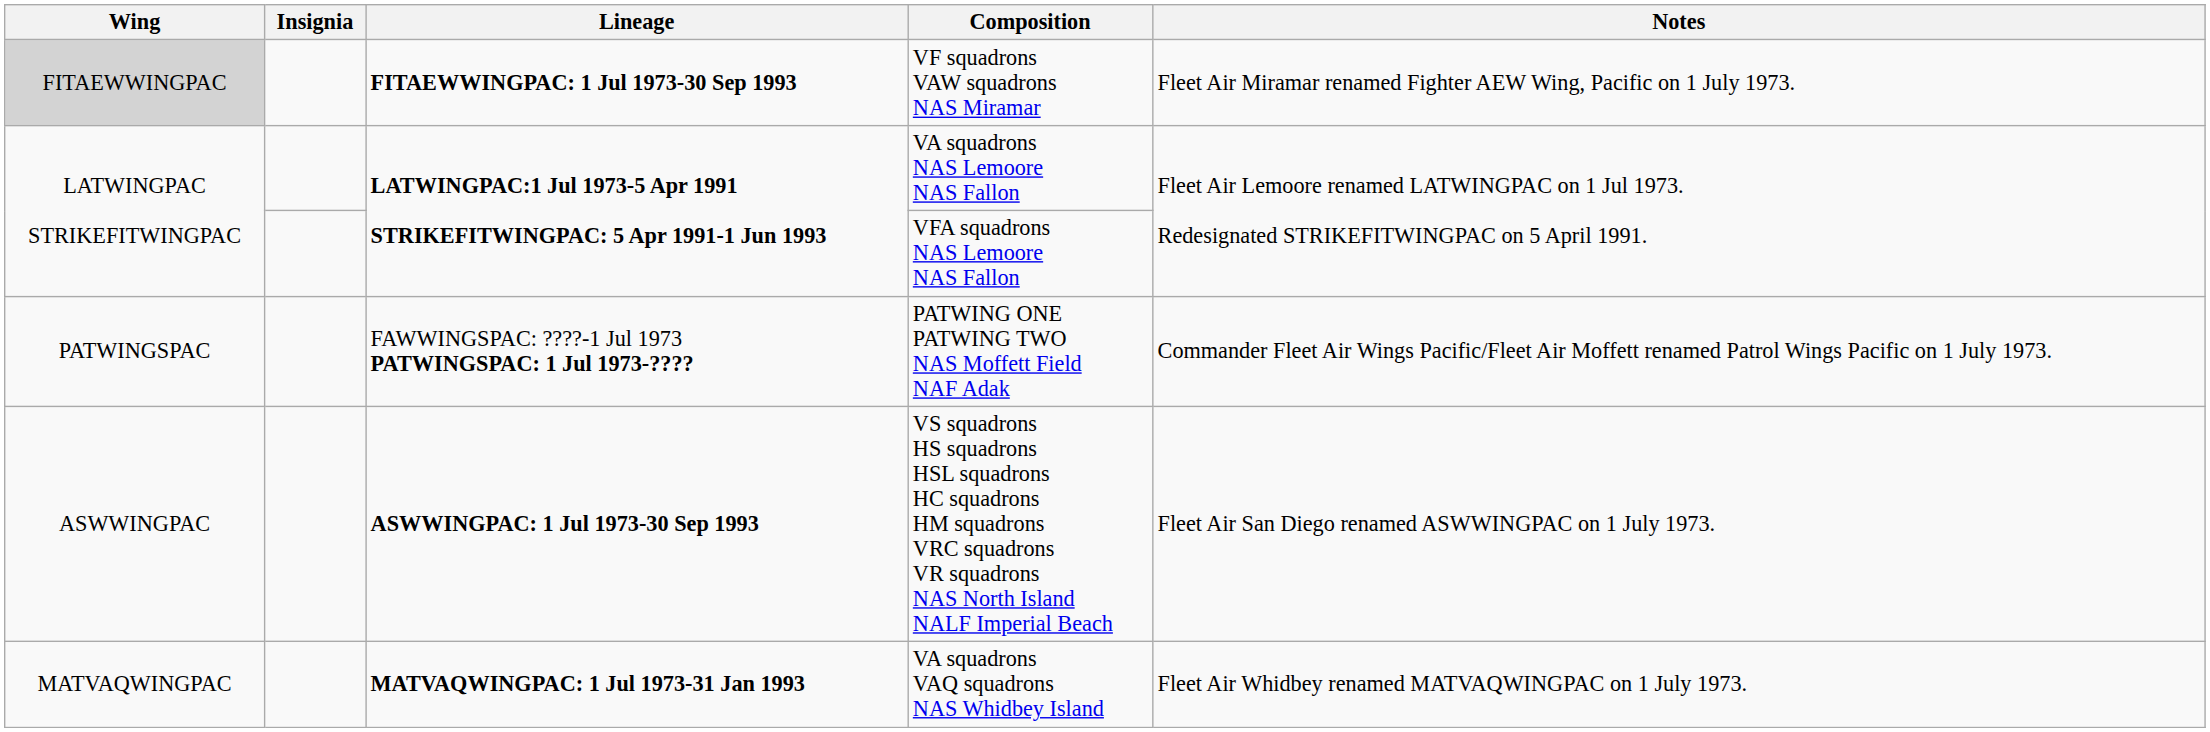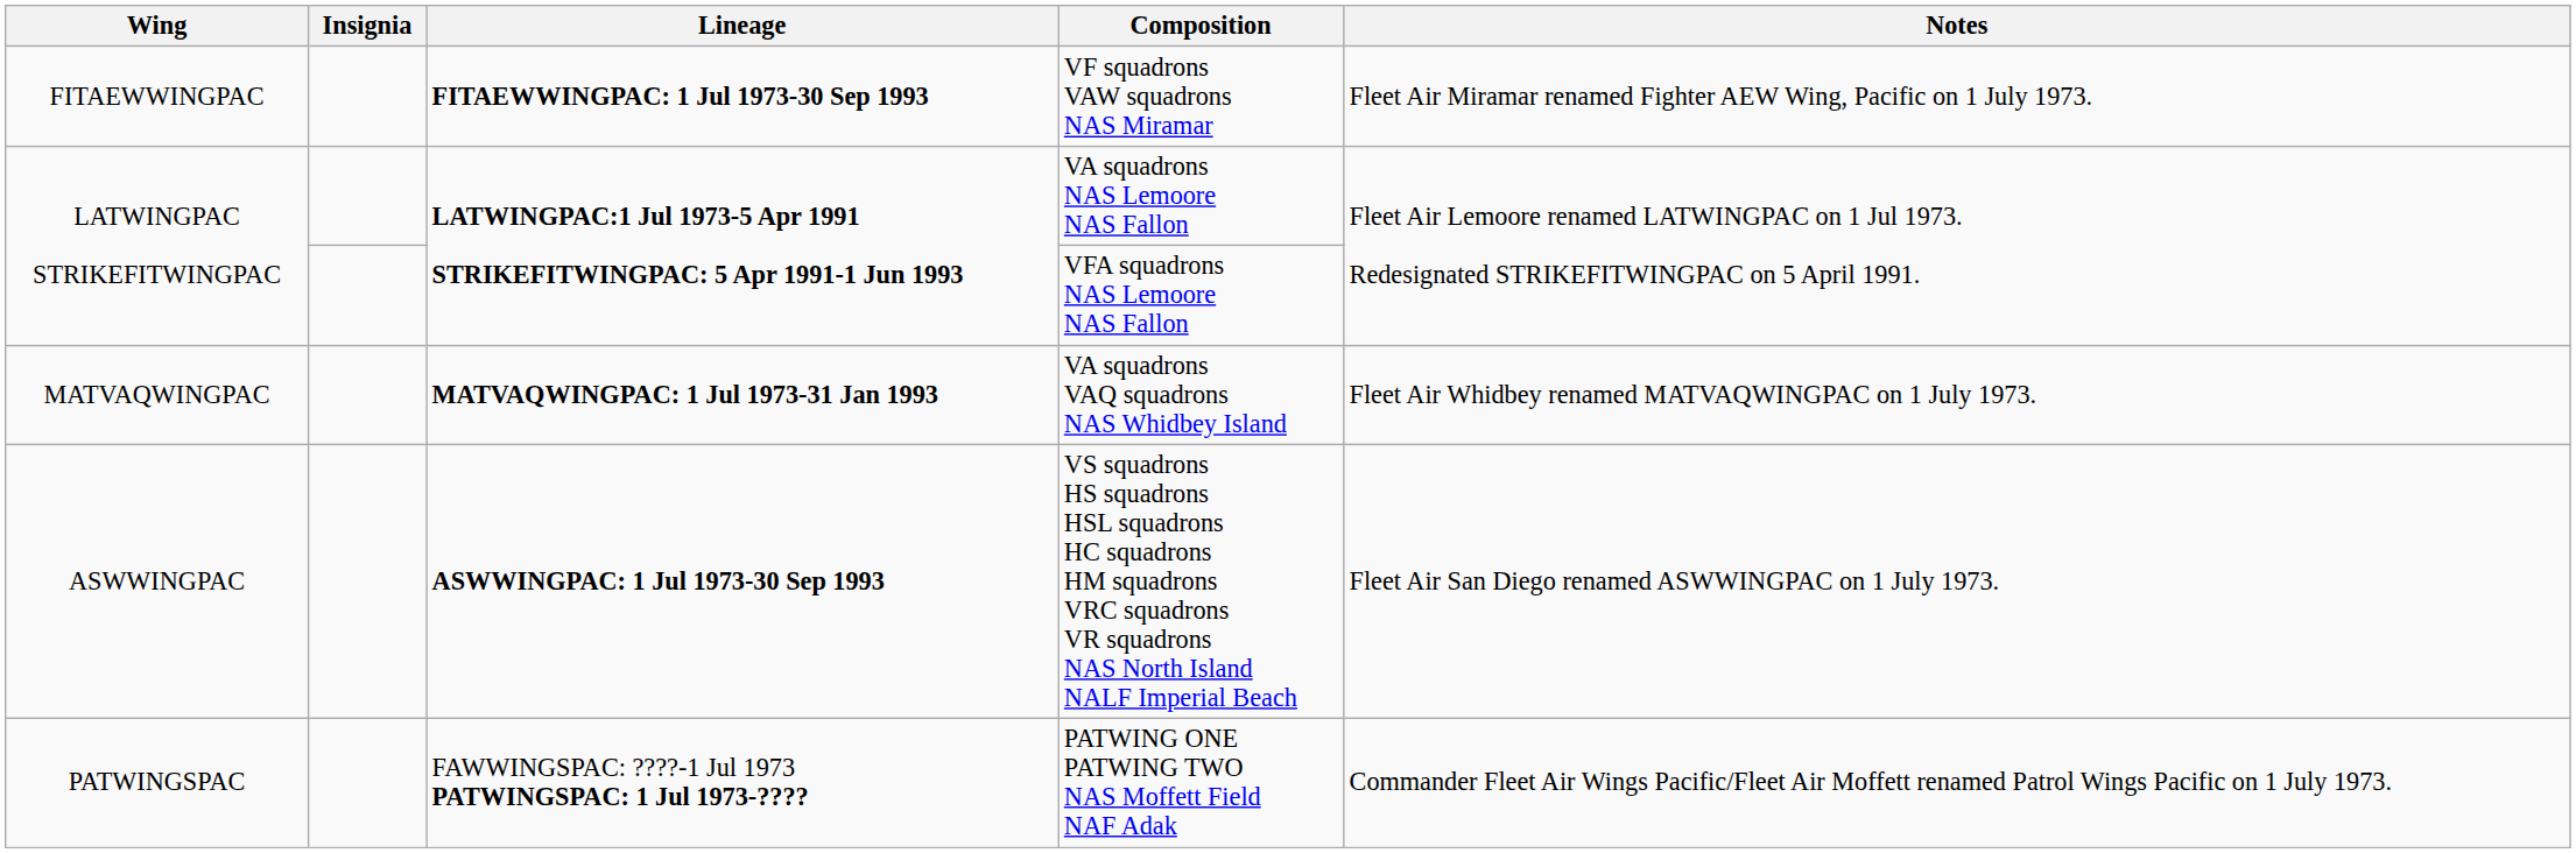 <table class="wikitable" width=100% style="text-align: left">
 <tr>
 <th>Wing</th>
 <th>Insignia</th>
 <th>Lineage</th>
 <th>Composition</th>
 <th>Notes</th>
 </tr>
 <tr>
-<td align=center style="background: lightgrey; white-space: nowrap;">FITAEWWINGPAC</td>
+<td align=center style="white-space: nowrap;">FITAEWWINGPAC</td>
 <td></td>
 <td><strong>FITAEWWINGPAC: 1 Jul 1973-30 Sep 1993</strong></td>
 <td>VF squadrons<br>VAW squadrons<br><a href='#'>NAS Miramar</a></td>
 <td>Fleet Air Miramar renamed Fighter AEW Wing, Pacific on 1 July 1973.</td>
 </tr>
 <tr>
 <td align=center Rowspan="2">LATWINGPAC<br><br>STRIKEFITWINGPAC</td>
 <td></td>
 <td Rowspan="2" style="white-space: nowrap;"><strong>LATWINGPAC:1 Jul 1973-5 Apr 1991<br><br>STRIKEFITWINGPAC: 5 Apr 1991-1 Jun 1993</strong></td>
 <td>VA squadrons<br><a href='#'>NAS Lemoore</a><br><a href='#'>NAS Fallon</a></td>
 <td Rowspan="2">Fleet Air Lemoore renamed LATWINGPAC on 1 Jul 1973.<br><br>Redesignated STRIKEFITWINGPAC on 5 April 1991. </td>
 </tr>
 <tr>
 <td></td>
 <td>VFA squadrons<br><a href='#'>NAS Lemoore</a><br><a href='#'>NAS Fallon</a></td>
 </tr>
 <tr>
-<td align=center>PATWINGSPAC</td>
+<td align=center>MATVAQWINGPAC</td>
 <td></td>
-<td>FAWWINGSPAC: ????-1 Jul 1973<br><strong>PATWINGSPAC: 1 Jul 1973-????</strong></td>
-<td>PATWING ONE<br>PATWING TWO<br><a href='#'>NAS Moffett Field</a><br><a href='#'>NAF Adak</a></td>
-<td>Commander Fleet Air Wings Pacific/Fleet Air Moffett renamed Patrol Wings Pacific on 1 July 1973.</td>
+<td><strong>MATVAQWINGPAC: 1 Jul 1973-31 Jan 1993</strong></td>
+<td>VA squadrons<br>VAQ squadrons<br><a href='#'>NAS Whidbey Island</a></td>
+<td>Fleet Air Whidbey renamed MATVAQWINGPAC on 1 July 1973.</td>
 </tr>
 <tr>
 <td align=center>ASWWINGPAC</td>
 <td></td>
 <td><strong>ASWWINGPAC: 1 Jul 1973-30 Sep 1993</strong></td>
 <td style="white-space: nowrap;">VS squadrons<br>HS squadrons<br>HSL squadrons<br>HC squadrons<br>HM squadrons<br>VRC squadrons<br>VR squadrons<br><a href='#'>NAS North Island</a><br><a href='#'>NALF Imperial Beach</a></td>
 <td>Fleet Air San Diego renamed ASWWINGPAC on 1 July 1973.</td>
 </tr>
 <tr>
-<td align=center>MATVAQWINGPAC</td>
+<td align=center>PATWINGSPAC</td>
 <td></td>
-<td><strong>MATVAQWINGPAC: 1 Jul 1973-31 Jan 1993</strong></td>
-<td>VA squadrons<br>VAQ squadrons<br><a href='#'>NAS Whidbey Island</a></td>
-<td>Fleet Air Whidbey renamed MATVAQWINGPAC on 1 July 1973.</td>
+<td>FAWWINGSPAC: ????-1 Jul 1973<br><strong>PATWINGSPAC: 1 Jul 1973-????</strong></td>
+<td>PATWING ONE<br>PATWING TWO<br><a href='#'>NAS Moffett Field</a><br><a href='#'>NAF Adak</a></td>
+<td>Commander Fleet Air Wings Pacific/Fleet Air Moffett renamed Patrol Wings Pacific on 1 July 1973.</td>
 </tr>
 </table>
